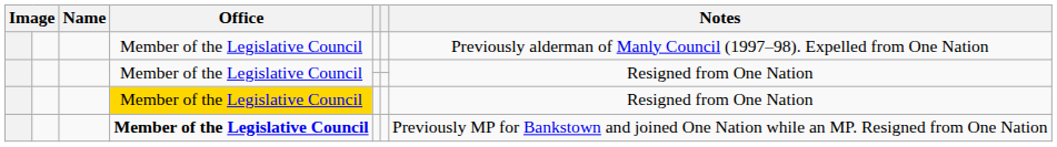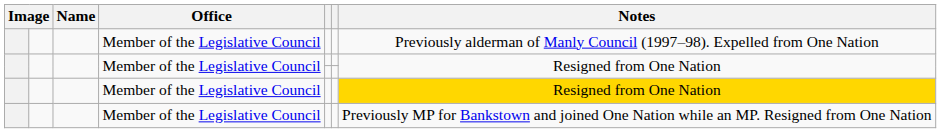 <table class="wikitable" style="text-align:center" "width:100%">
 <tr>
 <th colspan=2>Image</th>
 <th>Name<br></th>
 <th>Office</th>
 <th></th>
 <th></th>
 <th>Notes</th>
 </tr>
 <tr>
 <th style="background:"></th>
 <td></td>
 <td><br></td>
 <td>Member of the <a href='#'>Legislative Council</a></td>
 <td></td>
 <td></td>
 <td>Previously alderman of <a href='#'>Manly Council</a> (1997–98). Expelled from One Nation</td>
 </tr>
 <tr>
 <th rowspan=2; style="background:"></th>
 <td rowspan=2></td>
 <td rowspan=2><br></td>
 <td rowspan=2>Member of the <a href='#'>Legislative Council</a></td>
 <td></td>
 <td></td>
 <td rowspan=2>Resigned from One Nation</td>
 </tr>
 <tr>
 <td></td>
 <td></td>
 </tr>
 <tr>
 <th style="background:"></th>
 <td></td>
 <td></td>
-<td style="background: gold;">Member of the <a href='#'>Legislative Council</a></td>
+<td>Member of the <a href='#'>Legislative Council</a></td>
 <td></td>
 <td></td>
-<td>Resigned from One Nation</td>
+<td style="background: gold;">Resigned from One Nation</td>
 </tr>
 <tr>
 <th style="background:"></th>
 <td></td>
 <td><br></td>
-<td><strong>Member of the <a href='#'>Legislative Council</a></strong></td>
+<td>Member of the <a href='#'>Legislative Council</a></td>
 <td></td>
 <td></td>
 <td>Previously MP for <a href='#'>Bankstown</a> and joined One Nation while an MP. Resigned from One Nation</td>
 </tr>
 </table>
